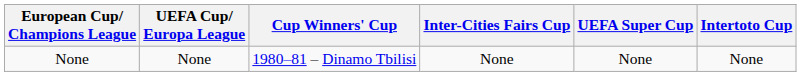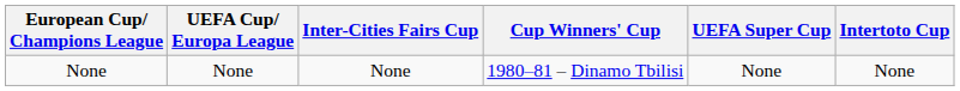 <table class="wikitable" style="text-align: center;">
 <tr>
 <th>European Cup/<br><a href='#'>Champions League</a></th>
 <th>UEFA Cup/<br><a href='#'>Europa League</a></th>
+<th><a href='#'>Inter-Cities Fairs Cup</a></th>
 <th><a href='#'>Cup Winners' Cup</a></th>
-<th><a href='#'>Inter-Cities Fairs Cup</a></th>
 <th><a href='#'>UEFA Super Cup</a></th>
 <th><a href='#'>Intertoto Cup</a></th>
 </tr>
 <tr>
 <td>None</td>
 <td>None</td>
+<td>None</td>
 <td><a href='#'>1980–81</a> – <a href='#'>Dinamo Tbilisi</a></td>
-<td>None</td>
 <td>None</td>
 <td>None</td>
 </tr>
 </table>
